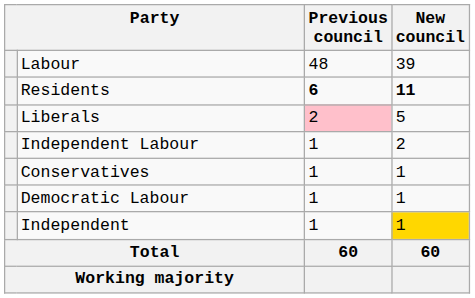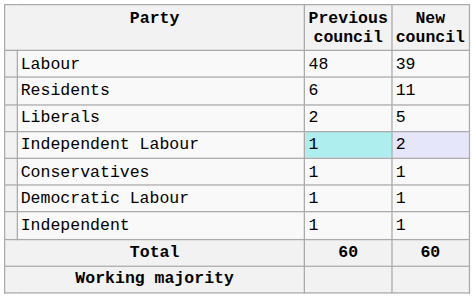 <table class="wikitable">
 <tr>
 <th valign=top colspan="2" style="width: 230px">Party</th>
 <th valign=top style="width: 30px">Previous council</th>
 <th valign=top style="width: 30px">New council</th>
 </tr>
 <tr>
 <th style="background-color: "></th>
 <td>Labour</td>
 <td>48</td>
 <td>39</td>
 </tr>
 <tr>
 <th style="background-color: "></th>
 <td>Residents</td>
-<td><strong>6</strong></td>
-<td><strong>11</strong></td>
+<td>6</td>
+<td>11</td>
 </tr>
 <tr>
 <th style="background-color: "></th>
 <td>Liberals</td>
-<td style="background: pink;">2</td>
+<td>2</td>
 <td>5</td>
 </tr>
 <tr>
 <th style="background-color: "></th>
 <td>Independent Labour</td>
-<td>1</td>
-<td>2</td>
+<td style="background: paleturquoise;">1</td>
+<td style="background: lavender;">2</td>
 </tr>
 <tr>
 <th style="background-color: "></th>
 <td>Conservatives</td>
 <td>1</td>
 <td>1</td>
 </tr>
 <tr>
 <th style="background-color: "></th>
 <td>Democratic Labour</td>
 <td>1</td>
 <td>1</td>
 </tr>
 <tr>
 <th style="background-color: "></th>
 <td>Independent</td>
 <td>1</td>
-<td style="background: gold;">1</td>
+<td>1</td>
 </tr>
 <tr>
 <th colspan=2>Total</th>
 <th style="text-align: center">60</th>
 <th colspan=3>60</th>
 </tr>
 <tr>
 <th colspan=2>Working majority</th>
 <th></th>
 <th></th>
 </tr>
 </table>
